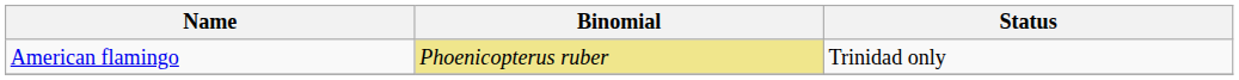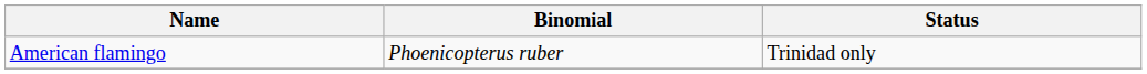 <table width=72% class="wikitable">
 <tr>
 <th width=24%>Name</th>
 <th width=24%>Binomial</th>
 <th width=24%>Status</th>
 </tr>
 <tr>
 <td><a href='#'>American flamingo</a></td>
-<td style="background: khaki;"><em>Phoenicopterus ruber</em></td>
+<td><em>Phoenicopterus ruber</em></td>
 <td>Trinidad only</td>
 </tr>
 <tr>
 </tr>
 </table>
